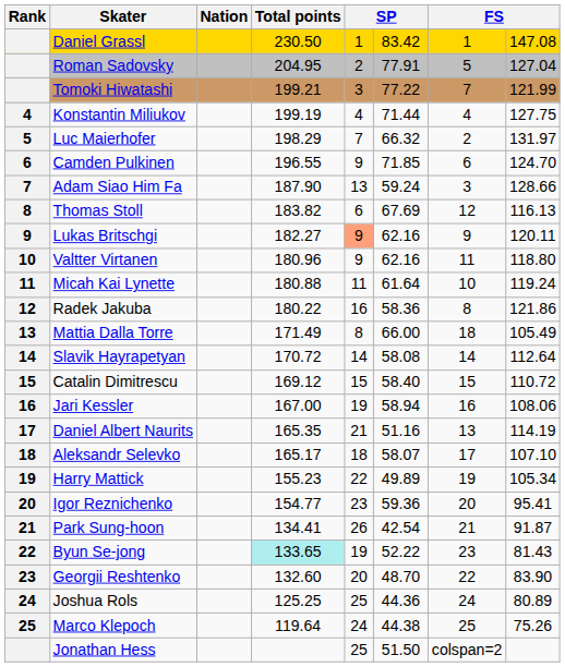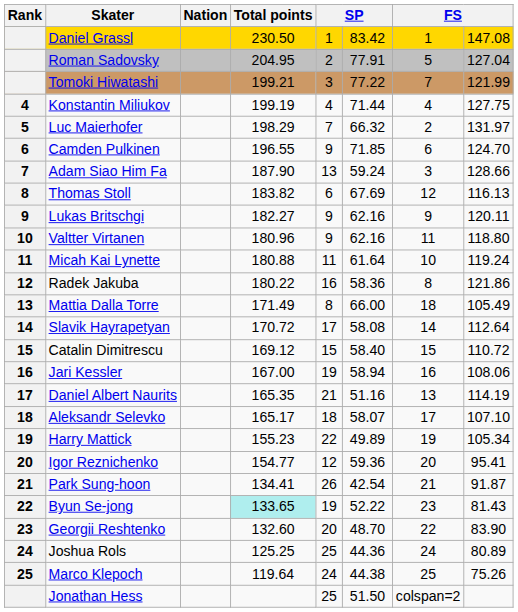 <table class="wikitable sortable" style="text-align:left">
 <tr>
 <th scope="col">Rank</th>
 <th scope="col">Skater</th>
 <th scope="col">Nation</th>
 <th scope="col">Total points</th>
 <th scope="col" colspan="2" width="80px"><a href='#'>SP</a></th>
 <th scope="col" colspan="2" width="80px"><a href='#'>FS</a></th>
 </tr>
 <tr bgcolor="gold">
 <th scope="row"></th>
 <td><a href='#'>Daniel Grassl</a></td>
 <td></td>
 <td align="center">230.50</td>
 <td align="center">1</td>
 <td align="center">83.42</td>
 <td align="center">1</td>
 <td align="center">147.08</td>
 </tr>
 <tr bgcolor="silver">
 <th scope="row"></th>
 <td><a href='#'>Roman Sadovsky</a></td>
 <td></td>
 <td align="center">204.95</td>
 <td align="center">2</td>
 <td align="center">77.91</td>
 <td align="center">5</td>
 <td align="center">127.04</td>
 </tr>
 <tr bgcolor="cc9966">
 <th scope="row"></th>
 <td><a href='#'>Tomoki Hiwatashi</a></td>
 <td></td>
 <td align="center">199.21</td>
 <td align="center">3</td>
 <td align="center">77.22</td>
 <td align="center">7</td>
 <td align="center">121.99</td>
 </tr>
 <tr>
 <th scope="row">4</th>
 <td><a href='#'>Konstantin Miliukov</a></td>
 <td></td>
 <td align="center">199.19</td>
 <td align="center">4</td>
 <td align="center">71.44</td>
 <td align="center">4</td>
 <td align="center">127.75</td>
 </tr>
 <tr>
 <th scope="row">5</th>
 <td><a href='#'>Luc Maierhofer</a></td>
 <td></td>
 <td align="center">198.29</td>
 <td align="center">7</td>
 <td align="center">66.32</td>
 <td align="center">2</td>
 <td align="center">131.97</td>
 </tr>
 <tr>
 <th scope="row">6</th>
 <td><a href='#'>Camden Pulkinen</a></td>
 <td></td>
 <td align="center">196.55</td>
 <td align="center">9</td>
 <td align="center">71.85</td>
 <td align="center">6</td>
 <td align="center">124.70</td>
 </tr>
 <tr>
 <th scope="row">7</th>
 <td><a href='#'>Adam Siao Him Fa</a></td>
 <td></td>
 <td align="center">187.90</td>
 <td align="center">13</td>
 <td align="center">59.24</td>
 <td align="center">3</td>
 <td align="center">128.66</td>
 </tr>
 <tr>
 <th scope="row">8</th>
 <td><a href='#'>Thomas Stoll</a></td>
 <td></td>
 <td align="center">183.82</td>
 <td align="center">6</td>
 <td align="center">67.69</td>
 <td align="center">12</td>
 <td align="center">116.13</td>
 </tr>
 <tr>
 <th scope="row">9</th>
 <td><a href='#'>Lukas Britschgi</a></td>
 <td></td>
 <td align="center">182.27</td>
-<td align="center" style="background: lightsalmon;">9</td>
+<td align="center">9</td>
 <td align="center">62.16</td>
 <td align="center">9</td>
 <td align="center">120.11</td>
 </tr>
 <tr>
 <th scope="row">10</th>
 <td><a href='#'>Valtter Virtanen</a></td>
 <td></td>
 <td align="center">180.96</td>
 <td align="center">9</td>
 <td align="center">62.16</td>
 <td align="center">11</td>
 <td align="center">118.80</td>
 </tr>
 <tr>
 <th scope="row">11</th>
 <td><a href='#'>Micah Kai Lynette</a></td>
 <td></td>
 <td align="center">180.88</td>
 <td align="center">11</td>
 <td align="center">61.64</td>
 <td align="center">10</td>
 <td align="center">119.24</td>
 </tr>
 <tr>
 <th scope="row">12</th>
 <td>Radek Jakuba</td>
 <td></td>
 <td align="center">180.22</td>
 <td align="center">16</td>
 <td align="center">58.36</td>
 <td align="center">8</td>
 <td align="center">121.86</td>
 </tr>
 <tr>
 <th scope="row">13</th>
 <td><a href='#'>Mattia Dalla Torre</a></td>
 <td></td>
 <td align="center">171.49</td>
 <td align="center">8</td>
 <td align="center">66.00</td>
 <td align="center">18</td>
 <td align="center">105.49</td>
 </tr>
 <tr>
 <th scope="row">14</th>
 <td><a href='#'>Slavik Hayrapetyan</a></td>
 <td></td>
 <td align="center">170.72</td>
-<td align="center">14</td>
+<td align="center">17</td>
 <td align="center">58.08</td>
 <td align="center">14</td>
 <td align="center">112.64</td>
 </tr>
 <tr>
 <th scope="row">15</th>
 <td>Catalin Dimitrescu</td>
 <td></td>
 <td align="center">169.12</td>
 <td align="center">15</td>
 <td align="center">58.40</td>
 <td align="center">15</td>
 <td align="center">110.72</td>
 </tr>
 <tr>
 <th scope="row">16</th>
 <td><a href='#'>Jari Kessler</a></td>
 <td></td>
 <td align="center">167.00</td>
 <td align="center">19</td>
 <td align="center">58.94</td>
 <td align="center">16</td>
 <td align="center">108.06</td>
 </tr>
 <tr>
 <th scope="row">17</th>
 <td><a href='#'>Daniel Albert Naurits</a></td>
 <td></td>
 <td align="center">165.35</td>
 <td align="center">21</td>
 <td align="center">51.16</td>
 <td align="center">13</td>
 <td align="center">114.19</td>
 </tr>
 <tr>
 <th scope="row">18</th>
 <td><a href='#'>Aleksandr Selevko</a></td>
 <td></td>
 <td align="center">165.17</td>
 <td align="center">18</td>
 <td align="center">58.07</td>
 <td align="center">17</td>
 <td align="center">107.10</td>
 </tr>
 <tr>
 <th scope="row">19</th>
 <td><a href='#'>Harry Mattick</a></td>
 <td></td>
 <td align="center">155.23</td>
 <td align="center">22</td>
 <td align="center">49.89</td>
 <td align="center">19</td>
 <td align="center">105.34</td>
 </tr>
 <tr>
 <th scope="row">20</th>
 <td><a href='#'>Igor Reznichenko</a></td>
 <td></td>
 <td align="center">154.77</td>
-<td align="center">23</td>
+<td align="center">12</td>
 <td align="center">59.36</td>
 <td align="center">20</td>
 <td align="center">95.41</td>
 </tr>
 <tr>
 <th scope="row">21</th>
 <td><a href='#'>Park Sung-hoon</a></td>
 <td></td>
 <td align="center">134.41</td>
 <td align="center">26</td>
 <td align="center">42.54</td>
 <td align="center">21</td>
 <td align="center">91.87</td>
 </tr>
 <tr>
 <th scope="row">22</th>
 <td><a href='#'>Byun Se-jong</a></td>
 <td></td>
 <td align="center" style="background: paleturquoise;">133.65</td>
 <td align="center">19</td>
 <td align="center">52.22</td>
 <td align="center">23</td>
 <td align="center">81.43</td>
 </tr>
 <tr>
 <th scope="row">23</th>
 <td><a href='#'>Georgii Reshtenko</a></td>
 <td></td>
 <td align="center">132.60</td>
 <td align="center">20</td>
 <td align="center">48.70</td>
 <td align="center">22</td>
 <td align="center">83.90</td>
 </tr>
 <tr>
 <th scope="row">24</th>
 <td>Joshua Rols</td>
 <td></td>
 <td align="center">125.25</td>
 <td align="center">25</td>
 <td align="center">44.36</td>
 <td align="center">24</td>
 <td align="center">80.89</td>
 </tr>
 <tr>
 <th scope="row">25</th>
 <td><a href='#'>Marco Klepoch</a></td>
 <td></td>
 <td align="center">119.64</td>
 <td align="center">24</td>
 <td align="center">44.38</td>
 <td align="center">25</td>
 <td align="center">75.26</td>
 </tr>
 <tr>
 <th scope="row"></th>
 <td><a href='#'>Jonathan Hess</a></td>
 <td></td>
 <td></td>
 <td align="center">25</td>
 <td align="center">51.50</td>
 <td>colspan=2 </td>
 </tr>
 </table>
